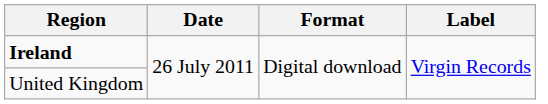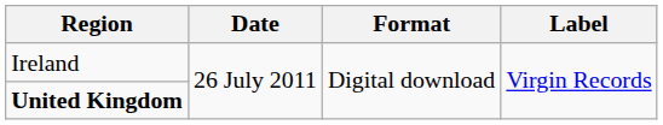 <table class=wikitable>
 <tr>
 <th>Region</th>
 <th>Date</th>
 <th>Format</th>
 <th>Label</th>
 </tr>
 <tr>
-<td><strong>Ireland</strong></td>
+<td>Ireland</td>
 <td rowspan="2">26 July 2011</td>
 <td rowspan="2">Digital download</td>
 <td rowspan="2"><a href='#'>Virgin Records</a></td>
 </tr>
 <tr>
-<td>United Kingdom</td>
+<td><strong>United Kingdom</strong></td>
 </tr>
 </table>
